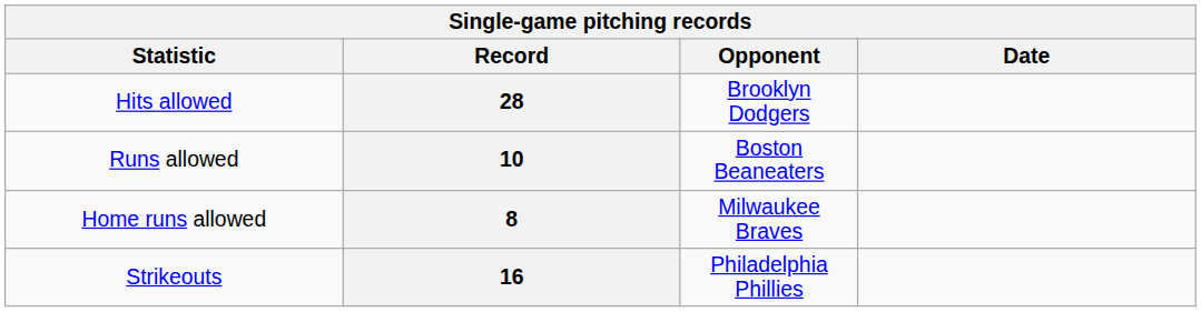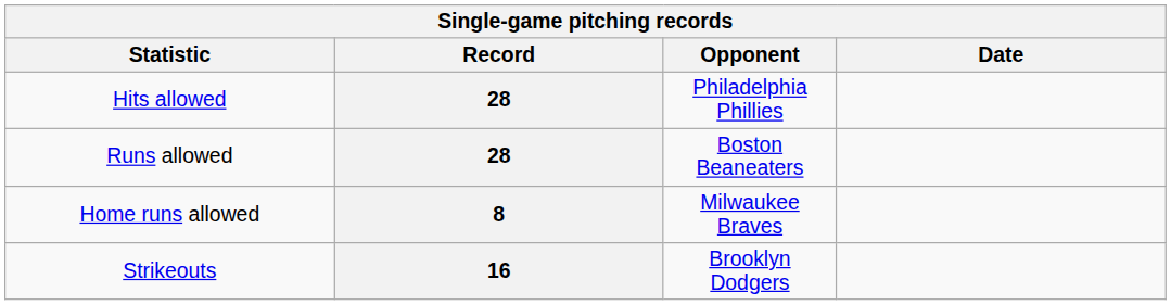 <table class="wikitable sortable" style="text-align:center" width="70%">
 <tr>
 <th colspan=5>Single-game pitching records</th>
 </tr>
 <tr>
 <th scope="col" width=20%>Statistic</th>
 <th scope="col" class="unsortable" width=20%>Record</th>
 <th scope="col" width=10%>Opponent</th>
 <th scope="col" width=20%>Date</th>
 </tr>
 <tr>
 <td><a href='#'>Hits allowed</a></td>
 <th scope="row">28</th>
-<td><a href='#'>Brooklyn Dodgers</a></td>
+<td><a href='#'>Philadelphia Phillies</a></td>
 <td></td>
 </tr>
 <tr>
 <td><a href='#'>Runs</a> allowed</td>
-<th scope="row">10</th>
+<th scope="row">28</th>
 <td><a href='#'>Boston Beaneaters</a></td>
 <td></td>
 </tr>
 <tr>
 <td><a href='#'>Home runs</a> allowed</td>
 <th scope="row">8</th>
 <td><a href='#'>Milwaukee Braves</a></td>
 <td></td>
 </tr>
 <tr>
 <td><a href='#'>Strikeouts</a></td>
 <th scope="row">16</th>
-<td><a href='#'>Philadelphia Phillies</a></td>
+<td><a href='#'>Brooklyn Dodgers</a></td>
 <td></td>
 </tr>
 </table>
